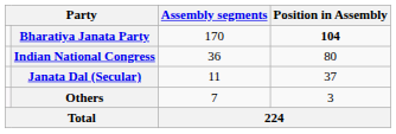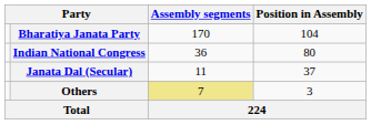 <table class="wikitable" style="text-align:center">
 <tr>
 <th colspan=2>Party</th>
 <th><a href='#'>Assembly segments</a></th>
 <th>Position in Assembly</th>
 </tr>
 <tr>
 <td></td>
 <th><a href='#'>Bharatiya Janata Party</a></th>
 <td>170</td>
-<td><strong>104</strong></td>
+<td>104</td>
 </tr>
 <tr>
 <td></td>
 <th><a href='#'>Indian National Congress</a></th>
 <td>36</td>
 <td>80</td>
 </tr>
 <tr>
 <td></td>
 <th><a href='#'>Janata Dal (Secular)</a></th>
 <td>11</td>
 <td>37</td>
 </tr>
 <tr>
 <td bgcolor=#FAF8FA></td>
 <th>Others</th>
-<td>7</td>
+<td style="background: khaki;">7</td>
 <td>3</td>
 </tr>
 <tr>
 <th colspan=2>Total</th>
 <th colspan=2>224</th>
 </tr>
 </table>
